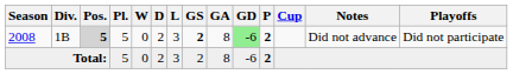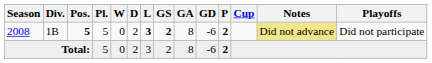 <table class="wikitable">
 <tr style="background:#efefef;">
 <th>Season</th>
 <th>Div.</th>
 <th>Pos.</th>
 <th>Pl.</th>
 <th>W</th>
 <th>D</th>
 <th>L</th>
 <th>GS</th>
 <th>GA</th>
 <th>GD</th>
 <th>P</th>
 <th><a href='#'>Cup</a></th>
 <th>Notes</th>
 <th>Playoffs</th>
 </tr>
 <tr>
 <td><a href='#'>2008</a></td>
 <td>1B</td>
-<td align=right style="background: lightgrey;"><strong>5</strong></td>
+<td align=right><strong>5</strong></td>
 <td align=right>5</td>
 <td align=right>0</td>
 <td align=right>2</td>
-<td align=right>3</td>
+<td align=right><strong>3</strong></td>
 <td align=right><strong>2</strong></td>
 <td align=right>8</td>
-<td align=right style="background: lightgreen;">-6</td>
+<td align=right>-6</td>
 <td align=right><strong>2</strong></td>
 <td></td>
-<td>Did not advance</td>
+<td style="background: khaki;">Did not advance</td>
 <td>Did not participate</td>
 </tr>
 <tr style="background:#efefef">
 <td align=right colspan=3><strong>Total:</strong></td>
 <td align=right>5</td>
 <td align=right>0</td>
 <td align=right>2</td>
 <td align=right>3</td>
 <td align=right>2</td>
 <td align=right>8</td>
 <td align=right>-6</td>
 <td align=right><strong>2</strong></td>
 <td colspan=3 bgcolor=#efefef></td>
 </tr>
 </table>
